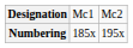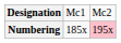 <table class="wikitable">
 <tr>
 <th>Designation</th>
 <td>Mc1</td>
 <td>Mc2</td>
 </tr>
 <tr>
 <th>Numbering</th>
 <td>185x</td>
-<td>195x</td>
+<td style="background: pink;">195x</td>
 </tr>
 </table>
